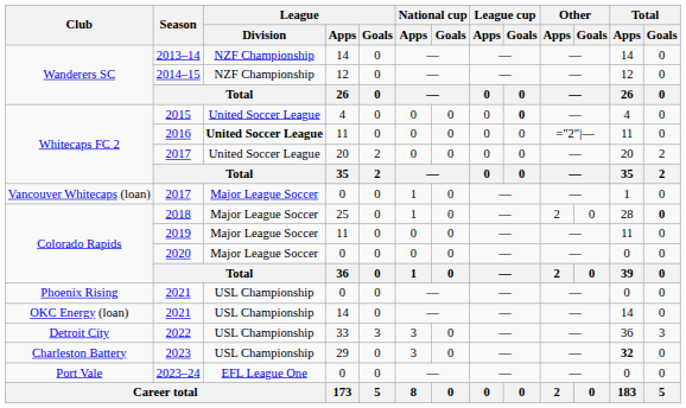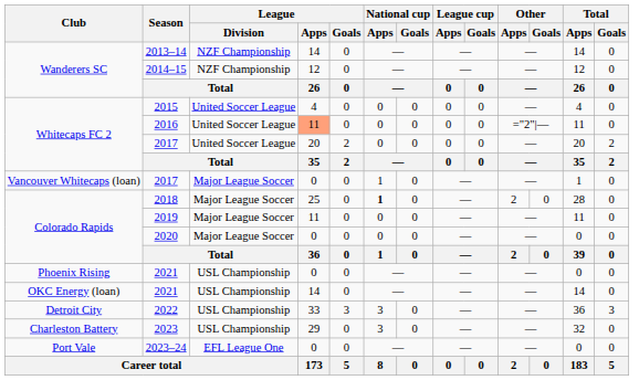 <table class="wikitable" style="text-align: center">
 <tr>
 <th rowspan="2">Club</th>
 <th rowspan="2">Season</th>
 <th colspan="3">League</th>
 <th colspan="2">National cup</th>
 <th colspan="2">League cup</th>
 <th colspan="2">Other</th>
 <th colspan="2">Total</th>
 </tr>
 <tr>
 <th>Division</th>
 <th>Apps</th>
 <th>Goals</th>
 <th>Apps</th>
 <th>Goals</th>
 <th>Apps</th>
 <th>Goals</th>
 <th>Apps</th>
 <th>Goals</th>
 <th>Apps</th>
 <th>Goals</th>
 </tr>
 <tr>
 <td rowspan="3"><a href='#'>Wanderers SC</a></td>
 <td><a href='#'>2013–14</a></td>
 <td><a href='#'>NZF Championship</a></td>
 <td>14</td>
 <td>0</td>
 <td colspan="2">—</td>
 <td colspan="2">—</td>
 <td colspan="2">—</td>
 <td>14</td>
 <td>0</td>
 </tr>
 <tr>
 <td><a href='#'>2014–15</a></td>
 <td>NZF Championship</td>
 <td>12</td>
 <td>0</td>
 <td colspan="2">—</td>
 <td colspan="2">—</td>
 <td colspan="2">—</td>
 <td>12</td>
 <td>0</td>
 </tr>
 <tr>
 <th colspan="2">Total</th>
 <th>26</th>
 <th>0</th>
 <th colspan="2">—</th>
 <th>0</th>
 <th>0</th>
 <th colspan="2">—</th>
 <th>26</th>
 <th>0</th>
 </tr>
 <tr>
 <td rowspan="4"><a href='#'>Whitecaps FC 2</a></td>
 <td><a href='#'>2015</a></td>
 <td><a href='#'>United Soccer League</a></td>
 <td>4</td>
 <td>0</td>
 <td>0</td>
 <td>0</td>
 <td>0</td>
-<td><strong>0</strong></td>
+<td>0</td>
 <td colspan="2">—</td>
 <td>4</td>
 <td>0</td>
 </tr>
 <tr>
 <td><a href='#'>2016</a></td>
-<td><strong>United Soccer League</strong></td>
-<td>11</td>
+<td>United Soccer League</td>
+<td style="background: lightsalmon;">11</td>
 <td>0</td>
 <td>0</td>
 <td>0</td>
 <td>0</td>
 <td>0</td>
 <td colspan="2">="2"|—</td>
 <td>11</td>
 <td>0</td>
 </tr>
 <tr>
 <td><a href='#'>2017</a></td>
 <td>United Soccer League</td>
 <td>20</td>
 <td>2</td>
 <td>0</td>
 <td>0</td>
 <td>0</td>
 <td>0</td>
 <td colspan="2">—</td>
 <td>20</td>
 <td>2</td>
 </tr>
 <tr>
 <th colspan="2">Total</th>
 <th>35</th>
 <th>2</th>
 <th colspan="2">—</th>
 <th>0</th>
 <th>0</th>
 <th colspan="2">—</th>
 <th>35</th>
 <th>2</th>
 </tr>
 <tr>
 <td><a href='#'>Vancouver Whitecaps</a> (loan)</td>
 <td><a href='#'>2017</a></td>
 <td><a href='#'>Major League Soccer</a></td>
 <td>0</td>
 <td>0</td>
 <td>1</td>
 <td>0</td>
 <td colspan="2">—</td>
 <td colspan="2">—</td>
 <td>1</td>
 <td>0</td>
 </tr>
 <tr>
 <td rowspan="4"><a href='#'>Colorado Rapids</a></td>
 <td><a href='#'>2018</a></td>
 <td>Major League Soccer</td>
 <td>25</td>
 <td>0</td>
-<td>1</td>
+<td><strong>1</strong></td>
 <td>0</td>
 <td colspan="2">—</td>
 <td>2</td>
 <td>0</td>
 <td>28</td>
-<td><strong>0</strong></td>
+<td>0</td>
 </tr>
 <tr>
 <td><a href='#'>2019</a></td>
 <td>Major League Soccer</td>
 <td>11</td>
 <td>0</td>
 <td>0</td>
 <td>0</td>
 <td colspan="2">—</td>
 <td colspan="2">—</td>
 <td>11</td>
 <td>0</td>
 </tr>
 <tr>
 <td><a href='#'>2020</a></td>
 <td>Major League Soccer</td>
 <td>0</td>
 <td>0</td>
 <td>0</td>
 <td>0</td>
 <td colspan="2">—</td>
 <td colspan="2">—</td>
 <td>0</td>
 <td>0</td>
 </tr>
 <tr>
 <th colspan="2">Total</th>
 <th>36</th>
 <th>0</th>
 <th>1</th>
 <th>0</th>
 <th colspan="2">—</th>
 <th>2</th>
 <th>0</th>
 <th>39</th>
 <th>0</th>
 </tr>
 <tr>
 <td><a href='#'>Phoenix Rising</a></td>
 <td><a href='#'>2021</a></td>
 <td>USL Championship</td>
 <td>0</td>
 <td>0</td>
 <td colspan="2">—</td>
 <td colspan="2">—</td>
 <td colspan="2">—</td>
 <td>0</td>
 <td>0</td>
 </tr>
 <tr>
 <td><a href='#'>OKC Energy</a> (loan)</td>
 <td><a href='#'>2021</a></td>
 <td>USL Championship</td>
 <td>14</td>
 <td>0</td>
 <td colspan="2">—</td>
 <td colspan="2">—</td>
 <td colspan="2">—</td>
 <td>14</td>
 <td>0</td>
 </tr>
 <tr>
 <td><a href='#'>Detroit City</a></td>
 <td><a href='#'>2022</a></td>
 <td>USL Championship</td>
 <td>33</td>
 <td>3</td>
 <td>3</td>
 <td>0</td>
 <td colspan="2">—</td>
 <td colspan="2">—</td>
 <td>36</td>
 <td>3</td>
 </tr>
 <tr>
 <td><a href='#'>Charleston Battery</a></td>
 <td><a href='#'>2023</a></td>
 <td>USL Championship</td>
 <td>29</td>
 <td>0</td>
 <td>3</td>
 <td>0</td>
 <td colspan="2">—</td>
 <td colspan="2">—</td>
-<td><strong>32</strong></td>
+<td>32</td>
 <td>0</td>
 </tr>
 <tr>
 <td><a href='#'>Port Vale</a></td>
 <td><a href='#'>2023–24</a></td>
 <td><a href='#'>EFL League One</a></td>
 <td>0</td>
 <td>0</td>
 <td colspan="2">—</td>
 <td colspan="2">—</td>
 <td colspan="2">—</td>
 <td>0</td>
 <td>0</td>
 </tr>
 <tr>
 <th colspan="3">Career total</th>
 <th>173</th>
 <th>5</th>
 <th>8</th>
 <th>0</th>
 <th>0</th>
 <th>0</th>
 <th>2</th>
 <th>0</th>
 <th>183</th>
 <th>5</th>
 </tr>
 </table>
